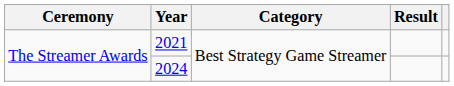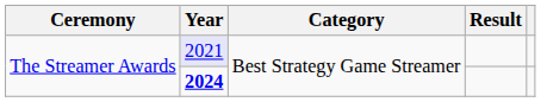 <table class="wikitable" style="text-align:center;">
 <tr>
 <th>Ceremony</th>
 <th>Year</th>
 <th>Category</th>
 <th>Result</th>
 <th></th>
 </tr>
 <tr>
 <td rowspan="2"><a href='#'>The Streamer Awards</a></td>
-<td rowspan="1"><a href='#'>2021</a></td>
+<td rowspan="1" style="background: lavender;"><a href='#'>2021</a></td>
 <td rowspan="2">Best Strategy Game Streamer</td>
 <td></td>
 <td></td>
 </tr>
 <tr>
-<td><a href='#'>2024</a></td>
+<td><strong><a href='#'>2024</a></strong></td>
 <td></td>
 <td></td>
 </tr>
 </table>
